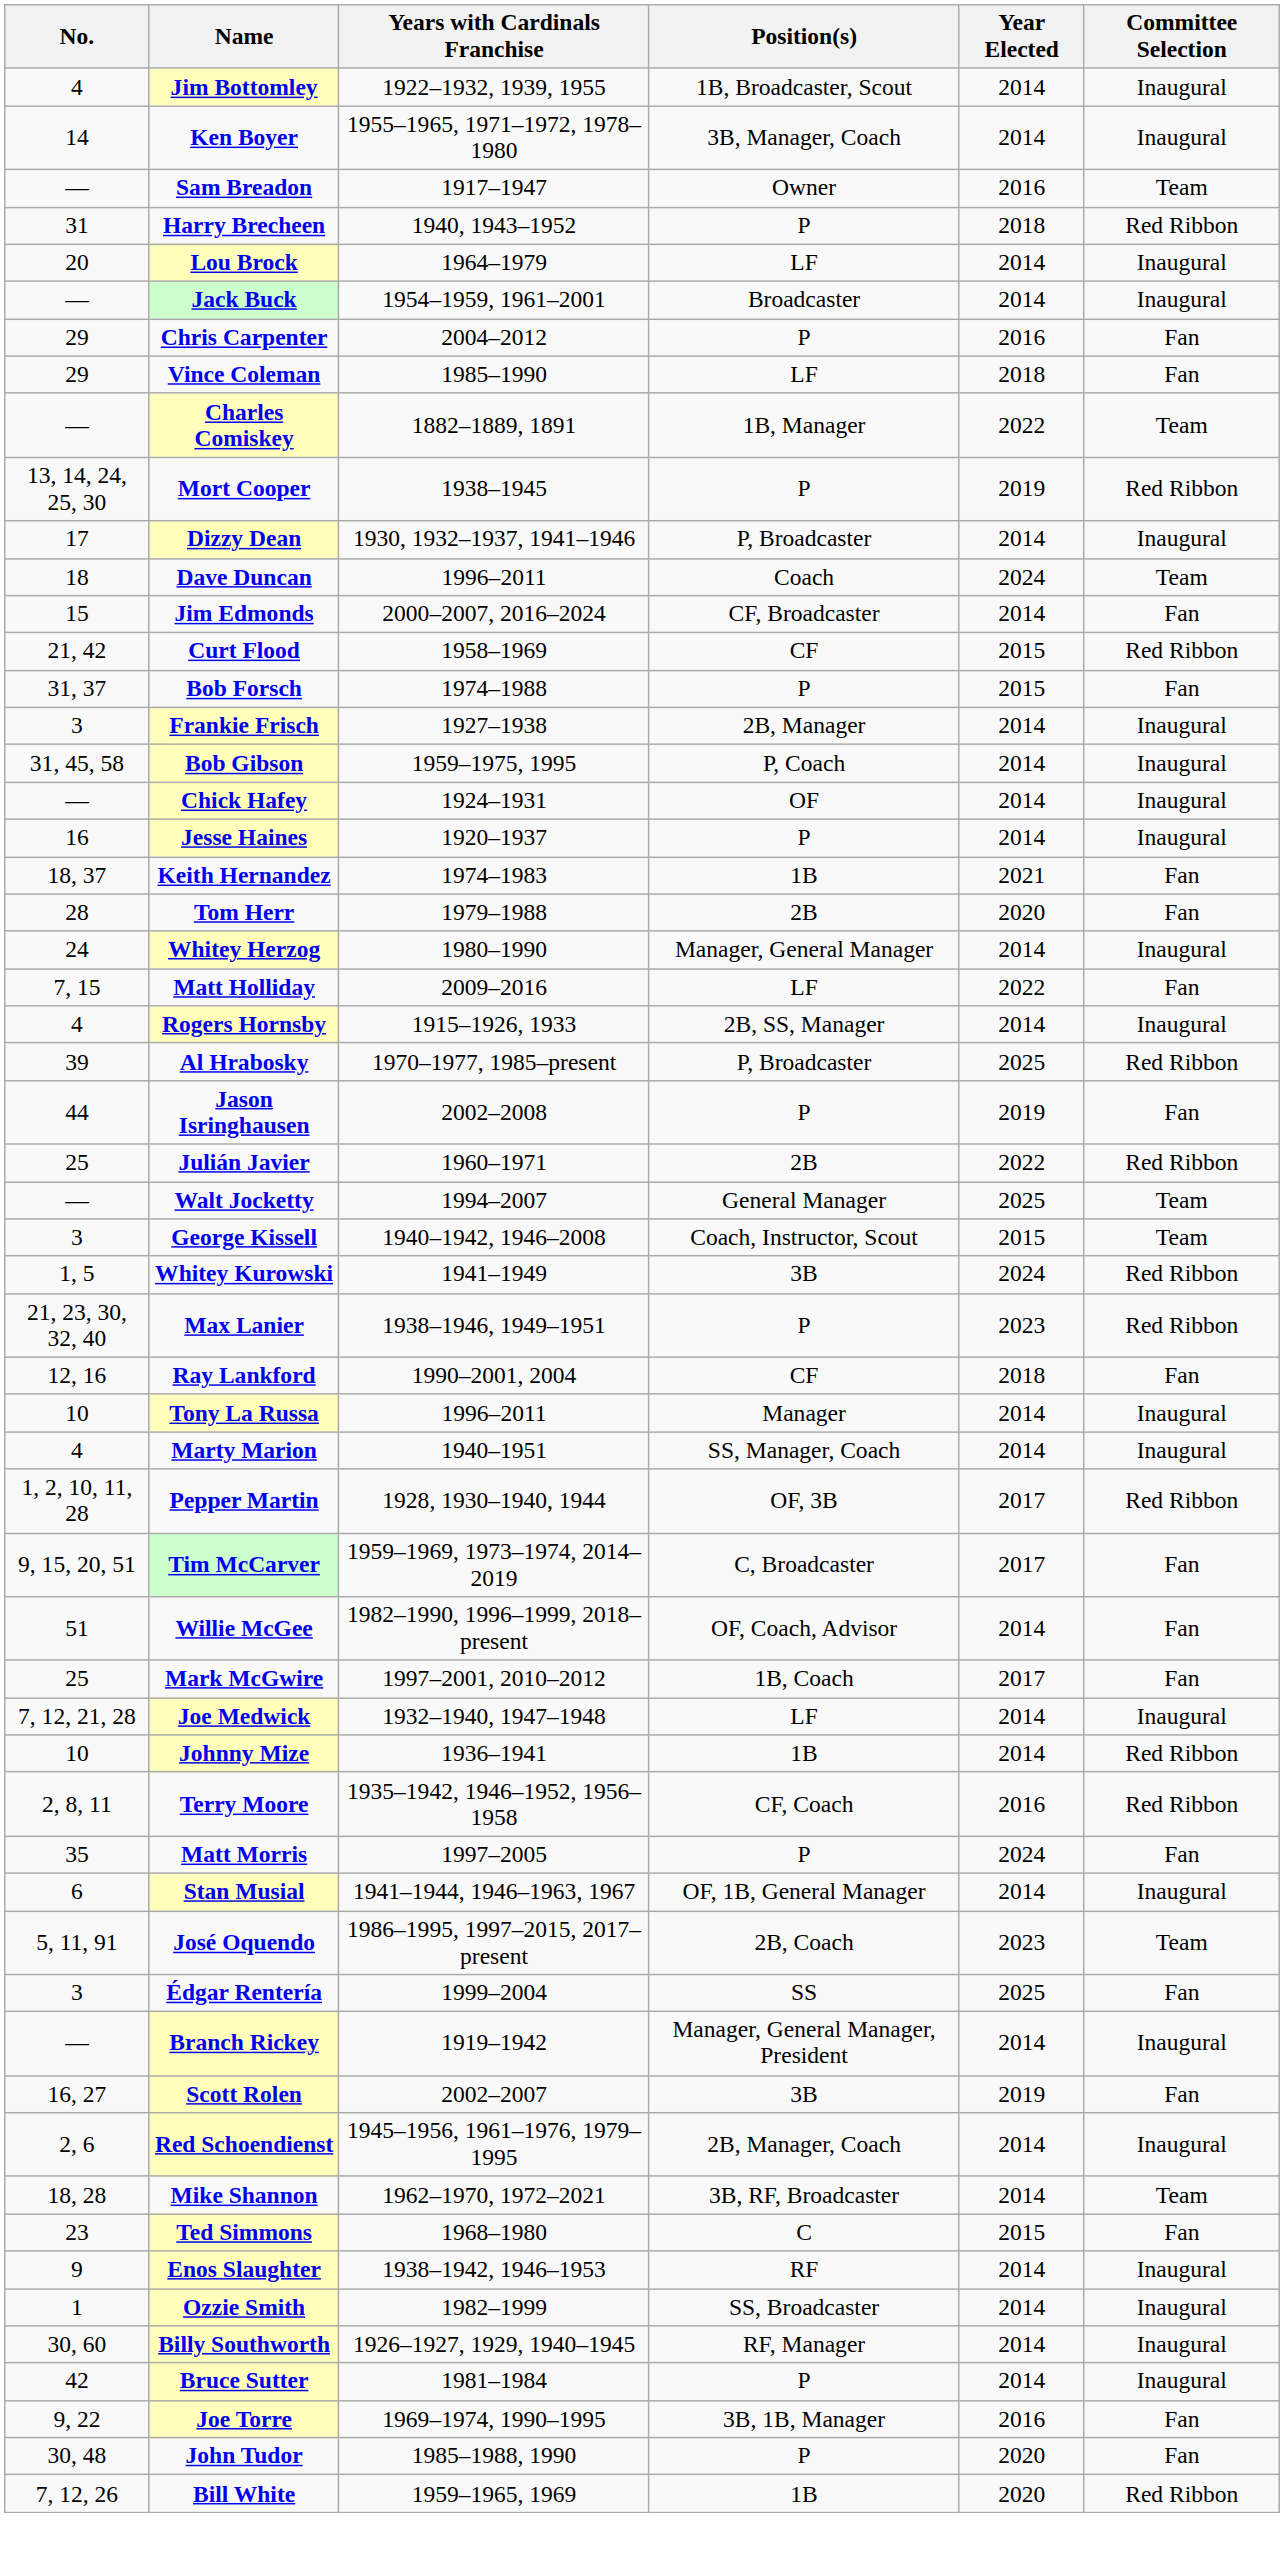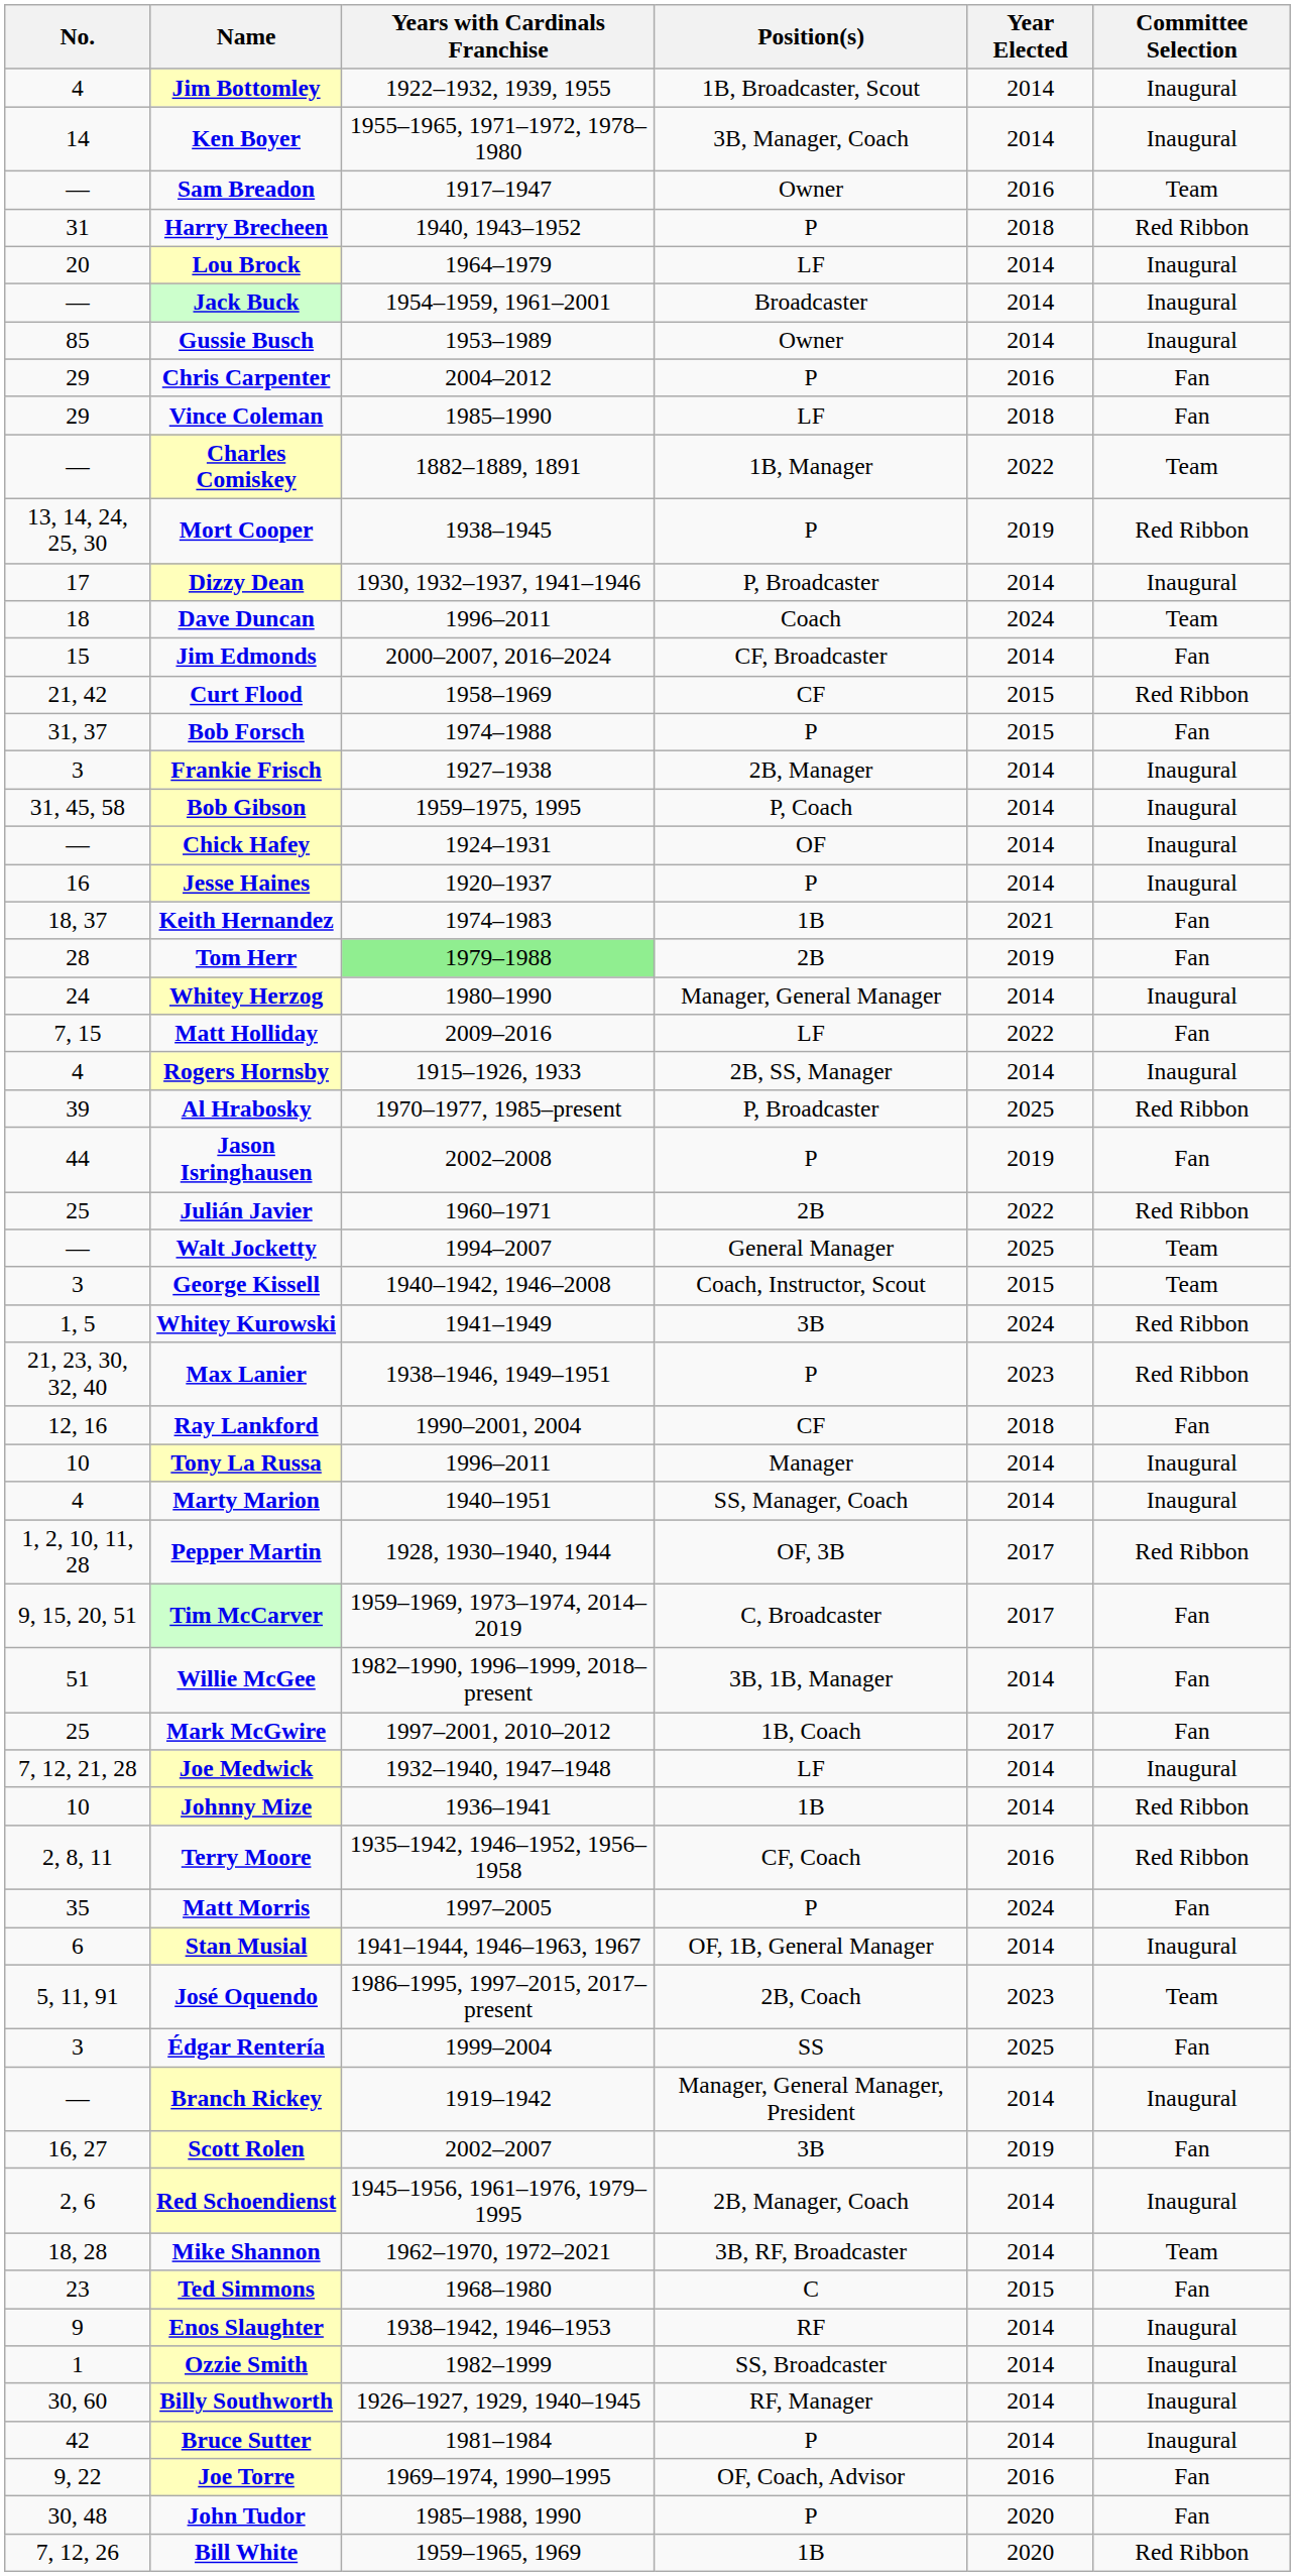 <table class="wikitable sortable" style="text-align:center">
 <tr>
 <th>No.</th>
 <th>Name</th>
 <th>Years with Cardinals Franchise</th>
 <th>Position(s)</th>
 <th>Year Elected</th>
 <th>Committee Selection</th>
 </tr>
 <tr>
 <td>4</td>
 <td style="background:#ffb;"><strong><a href='#'>Jim Bottomley</a></strong></td>
 <td>1922–1932, 1939, 1955</td>
 <td>1B, Broadcaster, Scout</td>
 <td>2014</td>
 <td>Inaugural</td>
 </tr>
 <tr>
 <td>14</td>
 <td><strong><a href='#'>Ken Boyer</a></strong></td>
 <td>1955–1965, 1971–1972, 1978–1980</td>
 <td>3B, Manager, Coach</td>
 <td>2014</td>
 <td>Inaugural</td>
 </tr>
 <tr>
 <td>—</td>
 <td><strong><a href='#'>Sam Breadon</a></strong></td>
 <td>1917–1947</td>
 <td>Owner</td>
 <td>2016</td>
 <td>Team</td>
 </tr>
 <tr>
 <td>31</td>
 <td><strong><a href='#'>Harry Brecheen</a></strong></td>
 <td>1940, 1943–1952</td>
 <td>P</td>
 <td>2018</td>
 <td>Red Ribbon</td>
 </tr>
 <tr>
 <td>20</td>
 <td style="background:#ffb;"><strong><a href='#'>Lou Brock</a></strong></td>
 <td>1964–1979</td>
 <td>LF</td>
 <td>2014</td>
 <td>Inaugural</td>
 </tr>
 <tr>
 <td>—</td>
 <td style="background:#cfc;"><strong><a href='#'>Jack Buck</a></strong></td>
 <td>1954–1959, 1961–2001</td>
 <td>Broadcaster</td>
+<td>2014</td>
+<td>Inaugural</td>
+</tr>
+<tr>
+<td>85</td>
+<td><strong><a href='#'>Gussie Busch</a></strong></td>
+<td>1953–1989</td>
+<td>Owner</td>
 <td>2014</td>
 <td>Inaugural</td>
 </tr>
 <tr>
 <td>29</td>
 <td><strong><a href='#'>Chris Carpenter</a></strong></td>
 <td>2004–2012</td>
 <td>P</td>
 <td>2016</td>
 <td>Fan</td>
 </tr>
 <tr>
 <td>29</td>
 <td><strong><a href='#'>Vince Coleman</a></strong></td>
 <td>1985–1990</td>
 <td>LF</td>
 <td>2018</td>
 <td>Fan</td>
 </tr>
 <tr>
 <td>—</td>
 <td style="background:#ffb;"><strong><a href='#'>Charles Comiskey</a></strong></td>
 <td>1882–1889, 1891</td>
 <td>1B, Manager</td>
 <td>2022</td>
 <td>Team</td>
 </tr>
 <tr>
 <td>13, 14, 24, 25, 30</td>
 <td><strong><a href='#'>Mort Cooper</a></strong></td>
 <td>1938–1945</td>
 <td>P</td>
 <td>2019</td>
 <td>Red Ribbon</td>
 </tr>
 <tr>
 <td>17</td>
 <td style="background:#ffb;"><strong><a href='#'>Dizzy Dean</a></strong></td>
 <td>1930, 1932–1937, 1941–1946</td>
 <td>P, Broadcaster</td>
 <td>2014</td>
 <td>Inaugural</td>
 </tr>
 <tr>
 <td>18</td>
 <td><strong><a href='#'>Dave Duncan</a></strong></td>
 <td>1996–2011</td>
 <td>Coach</td>
 <td>2024</td>
 <td>Team</td>
 </tr>
 <tr>
 <td>15</td>
 <td><strong><a href='#'>Jim Edmonds</a></strong></td>
 <td>2000–2007, 2016–2024</td>
 <td>CF, Broadcaster</td>
 <td>2014</td>
 <td>Fan</td>
 </tr>
 <tr>
 <td>21, 42</td>
 <td><strong><a href='#'>Curt Flood</a></strong></td>
 <td>1958–1969</td>
 <td>CF</td>
 <td>2015</td>
 <td>Red Ribbon</td>
 </tr>
 <tr>
 <td>31, 37</td>
 <td><strong><a href='#'>Bob Forsch</a></strong></td>
 <td>1974–1988</td>
 <td>P</td>
 <td>2015</td>
 <td>Fan</td>
 </tr>
 <tr>
 <td>3</td>
 <td style="background:#ffb;"><strong><a href='#'>Frankie Frisch</a></strong></td>
 <td>1927–1938</td>
 <td>2B, Manager</td>
 <td>2014</td>
 <td>Inaugural</td>
 </tr>
 <tr>
 <td>31, 45, 58</td>
 <td style="background:#ffb;"><strong><a href='#'>Bob Gibson</a></strong></td>
 <td>1959–1975, 1995</td>
 <td>P, Coach</td>
 <td>2014</td>
 <td>Inaugural</td>
 </tr>
 <tr>
 <td>—</td>
 <td style="background:#ffb;"><strong><a href='#'>Chick Hafey</a></strong></td>
 <td>1924–1931</td>
 <td>OF</td>
 <td>2014</td>
 <td>Inaugural</td>
 </tr>
 <tr>
 <td>16</td>
 <td style="background:#ffb;"><strong><a href='#'>Jesse Haines</a></strong></td>
 <td>1920–1937</td>
 <td>P</td>
 <td>2014</td>
 <td>Inaugural</td>
 </tr>
 <tr>
 <td>18, 37</td>
 <td><strong><a href='#'>Keith Hernandez</a></strong></td>
 <td>1974–1983</td>
 <td>1B</td>
 <td>2021</td>
 <td>Fan</td>
 </tr>
 <tr>
 <td>28</td>
 <td><strong><a href='#'>Tom Herr</a></strong></td>
-<td>1979–1988</td>
+<td style="background: lightgreen;">1979–1988</td>
 <td>2B</td>
-<td>2020</td>
+<td>2019</td>
 <td>Fan</td>
 </tr>
 <tr>
 <td>24</td>
 <td style="background:#ffb;"><strong><a href='#'>Whitey Herzog</a></strong></td>
 <td>1980–1990</td>
 <td>Manager, General Manager</td>
 <td>2014</td>
 <td>Inaugural</td>
 </tr>
 <tr>
 <td>7, 15</td>
 <td><strong><a href='#'>Matt Holliday</a></strong></td>
 <td>2009–2016</td>
 <td>LF</td>
 <td>2022</td>
 <td>Fan</td>
 </tr>
 <tr>
 <td>4</td>
 <td style="background:#ffb;"><strong><a href='#'>Rogers Hornsby</a></strong></td>
 <td>1915–1926, 1933</td>
 <td>2B, SS, Manager</td>
 <td>2014</td>
 <td>Inaugural</td>
 </tr>
 <tr>
 <td>39</td>
 <td><strong><a href='#'>Al Hrabosky</a></strong></td>
 <td>1970–1977, 1985–present</td>
 <td>P, Broadcaster</td>
 <td>2025</td>
 <td>Red Ribbon</td>
 </tr>
 <tr>
 <td>44</td>
 <td><strong><a href='#'>Jason Isringhausen</a></strong></td>
 <td>2002–2008</td>
 <td>P</td>
 <td>2019</td>
 <td>Fan</td>
 </tr>
 <tr>
 <td>25</td>
 <td><strong><a href='#'>Julián Javier</a></strong></td>
 <td>1960–1971</td>
 <td>2B</td>
 <td>2022</td>
 <td>Red Ribbon</td>
 </tr>
 <tr>
 <td>—</td>
 <td><strong><a href='#'>Walt Jocketty</a></strong></td>
 <td>1994–2007</td>
 <td>General Manager</td>
 <td>2025</td>
 <td>Team</td>
 </tr>
 <tr>
 <td>3</td>
 <td><strong><a href='#'>George Kissell</a></strong></td>
 <td>1940–1942, 1946–2008</td>
 <td>Coach, Instructor, Scout</td>
 <td>2015</td>
 <td>Team</td>
 </tr>
 <tr>
 <td>1, 5</td>
 <td><strong><a href='#'>Whitey Kurowski</a></strong></td>
 <td>1941–1949</td>
 <td>3B</td>
 <td>2024</td>
 <td>Red Ribbon</td>
 </tr>
 <tr>
 <td>21, 23, 30, 32, 40</td>
 <td><strong><a href='#'>Max Lanier</a></strong></td>
 <td>1938–1946, 1949–1951</td>
 <td>P</td>
 <td>2023</td>
 <td>Red Ribbon</td>
 </tr>
 <tr>
 <td>12, 16</td>
 <td><strong><a href='#'>Ray Lankford</a></strong></td>
 <td>1990–2001, 2004</td>
 <td>CF</td>
 <td>2018</td>
 <td>Fan</td>
 </tr>
 <tr>
 <td>10</td>
 <td style="background:#ffb;"><strong><a href='#'>Tony La Russa</a></strong></td>
 <td>1996–2011</td>
 <td>Manager</td>
 <td>2014</td>
 <td>Inaugural</td>
 </tr>
 <tr>
 <td>4</td>
 <td><strong><a href='#'>Marty Marion</a></strong></td>
 <td>1940–1951</td>
 <td>SS, Manager, Coach</td>
 <td>2014</td>
 <td>Inaugural</td>
 </tr>
 <tr>
 <td>1, 2, 10, 11, 28</td>
 <td><strong><a href='#'>Pepper Martin</a></strong></td>
 <td>1928, 1930–1940, 1944</td>
 <td>OF, 3B</td>
 <td>2017</td>
 <td>Red Ribbon</td>
 </tr>
 <tr>
 <td>9, 15, 20, 51</td>
 <td style="background:#cfc;"><strong><a href='#'>Tim McCarver</a></strong></td>
 <td>1959–1969, 1973–1974, 2014–2019</td>
 <td>C, Broadcaster</td>
 <td>2017</td>
 <td>Fan</td>
 </tr>
 <tr>
 <td>51</td>
 <td><strong><a href='#'>Willie McGee</a></strong></td>
 <td>1982–1990, 1996–1999, 2018–present</td>
-<td>OF, Coach, Advisor</td>
+<td>3B, 1B, Manager</td>
 <td>2014</td>
 <td>Fan</td>
 </tr>
 <tr>
 <td>25</td>
 <td><strong><a href='#'>Mark McGwire</a></strong></td>
 <td>1997–2001, 2010–2012</td>
 <td>1B, Coach</td>
 <td>2017</td>
 <td>Fan</td>
 </tr>
 <tr>
 <td>7, 12, 21, 28</td>
 <td style="background:#ffb;"><strong><a href='#'>Joe Medwick</a></strong></td>
 <td>1932–1940, 1947–1948</td>
 <td>LF</td>
 <td>2014</td>
 <td>Inaugural</td>
 </tr>
 <tr>
 <td>10</td>
 <td style="background:#ffb;"><strong><a href='#'>Johnny Mize</a></strong></td>
 <td>1936–1941</td>
 <td>1B</td>
 <td>2014</td>
 <td>Red Ribbon</td>
 </tr>
 <tr>
 <td>2, 8, 11</td>
 <td><strong><a href='#'>Terry Moore</a></strong></td>
 <td>1935–1942, 1946–1952, 1956–1958</td>
 <td>CF, Coach</td>
 <td>2016</td>
 <td>Red Ribbon</td>
 </tr>
 <tr>
 <td>35</td>
 <td><strong><a href='#'>Matt Morris</a></strong></td>
 <td>1997–2005</td>
 <td>P</td>
 <td>2024</td>
 <td>Fan</td>
 </tr>
 <tr>
 <td>6</td>
 <td style="background:#ffb;"><strong><a href='#'>Stan Musial</a></strong></td>
 <td>1941–1944, 1946–1963, 1967</td>
 <td>OF, 1B, General Manager</td>
 <td>2014</td>
 <td>Inaugural</td>
 </tr>
 <tr>
 <td>5, 11, 91</td>
 <td><strong><a href='#'>José Oquendo</a></strong></td>
 <td>1986–1995, 1997–2015, 2017–present</td>
 <td>2B, Coach</td>
 <td>2023</td>
 <td>Team</td>
 </tr>
 <tr>
 <td>3</td>
 <td><strong><a href='#'>Édgar Rentería</a></strong></td>
 <td>1999–2004</td>
 <td>SS</td>
 <td>2025</td>
 <td>Fan</td>
 </tr>
 <tr>
 <td>—</td>
 <td style="background:#ffb;"><strong><a href='#'>Branch Rickey</a></strong></td>
 <td>1919–1942</td>
 <td>Manager, General Manager, President</td>
 <td>2014</td>
 <td>Inaugural</td>
 </tr>
 <tr>
 <td>16, 27</td>
 <td style="background:#ffb;"><strong><a href='#'>Scott Rolen</a></strong></td>
 <td>2002–2007</td>
 <td>3B</td>
 <td>2019</td>
 <td>Fan</td>
 </tr>
 <tr>
 <td>2, 6</td>
 <td style="background:#ffb;"><strong><a href='#'>Red Schoendienst</a></strong></td>
 <td>1945–1956, 1961–1976, 1979–1995</td>
 <td>2B, Manager, Coach</td>
 <td>2014</td>
 <td>Inaugural</td>
 </tr>
 <tr>
 <td>18, 28</td>
 <td><strong><a href='#'>Mike Shannon</a></strong></td>
 <td>1962–1970, 1972–2021</td>
 <td>3B, RF, Broadcaster</td>
 <td>2014</td>
 <td>Team</td>
 </tr>
 <tr>
 <td>23</td>
 <td style="background:#ffb;"><strong><a href='#'>Ted Simmons</a></strong></td>
 <td>1968–1980</td>
 <td>C</td>
 <td>2015</td>
 <td>Fan</td>
 </tr>
 <tr>
 <td>9</td>
 <td style="background:#ffb;"><strong><a href='#'>Enos Slaughter</a></strong></td>
 <td>1938–1942, 1946–1953</td>
 <td>RF</td>
 <td>2014</td>
 <td>Inaugural</td>
 </tr>
 <tr>
 <td>1</td>
 <td style="background:#ffb;"><strong><a href='#'>Ozzie Smith</a></strong></td>
 <td>1982–1999</td>
 <td>SS, Broadcaster</td>
 <td>2014</td>
 <td>Inaugural</td>
 </tr>
 <tr>
 <td>30, 60</td>
 <td style="background:#ffb;"><strong><a href='#'>Billy Southworth</a></strong></td>
 <td>1926–1927, 1929, 1940–1945</td>
 <td>RF, Manager</td>
 <td>2014</td>
 <td>Inaugural</td>
 </tr>
 <tr>
 <td>42</td>
 <td style="background:#ffb;"><strong><a href='#'>Bruce Sutter</a></strong></td>
 <td>1981–1984</td>
 <td>P</td>
 <td>2014</td>
 <td>Inaugural</td>
 </tr>
 <tr>
 <td>9, 22</td>
 <td style="background:#ffb;"><strong><a href='#'>Joe Torre</a></strong></td>
 <td>1969–1974, 1990–1995</td>
-<td>3B, 1B, Manager</td>
+<td>OF, Coach, Advisor</td>
 <td>2016</td>
 <td>Fan</td>
 </tr>
 <tr>
 <td>30, 48</td>
 <td><strong><a href='#'>John Tudor</a></strong></td>
 <td>1985–1988, 1990</td>
 <td>P</td>
 <td>2020</td>
 <td>Fan</td>
 </tr>
 <tr>
 <td>7, 12, 26</td>
 <td><strong><a href='#'>Bill White</a></strong></td>
 <td>1959–1965, 1969</td>
 <td>1B</td>
 <td>2020</td>
 <td>Red Ribbon</td>
 </tr>
 </table>
